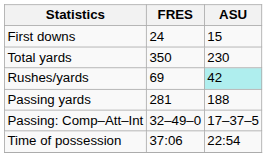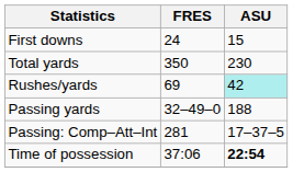 <table class="wikitable" style="float: left;">
 <tr>
 <th>Statistics</th>
 <th>FRES</th>
 <th>ASU</th>
 </tr>
 <tr>
 <td>First downs</td>
 <td>24</td>
 <td>15</td>
 </tr>
 <tr>
 <td>Total yards</td>
 <td>350</td>
 <td>230</td>
 </tr>
 <tr>
 <td>Rushes/yards</td>
 <td>69</td>
 <td style="background: paleturquoise;">42</td>
 </tr>
 <tr>
 <td>Passing yards</td>
-<td>281</td>
+<td>32–49–0</td>
 <td>188</td>
 </tr>
 <tr>
 <td>Passing: Comp–Att–Int</td>
-<td>32–49–0</td>
+<td>281</td>
 <td>17–37–5</td>
 </tr>
 <tr>
 <td>Time of possession</td>
 <td>37:06</td>
-<td>22:54</td>
+<td><strong>22:54</strong></td>
 </tr>
 <tr>
 </tr>
 </table>
